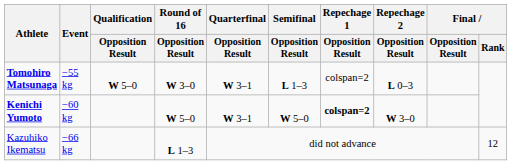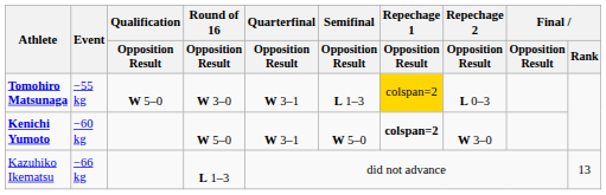 <table class="wikitable" style="font-size:90%;">
 <tr>
 <th rowspan="2">Athlete</th>
 <th rowspan="2">Event</th>
 <th>Qualification</th>
 <th>Round of 16</th>
 <th>Quarterfinal</th>
 <th>Semifinal</th>
 <th>Repechage 1</th>
 <th>Repechage 2</th>
 <th colspan=2>Final / </th>
 </tr>
 <tr style="font-size: 95%">
 <th>Opposition<br>Result</th>
 <th>Opposition<br>Result</th>
 <th>Opposition<br>Result</th>
 <th>Opposition<br>Result</th>
 <th>Opposition<br>Result</th>
 <th>Opposition<br>Result</th>
 <th>Opposition<br>Result</th>
 <th>Rank</th>
 </tr>
 <tr align=center>
 <td align=left><strong><a href='#'>Tomohiro Matsunaga</a></strong></td>
 <td align=left><a href='#'>−55 kg</a></td>
 <td><br><strong>W</strong> 5–0 <sup></sup></td>
 <td><br><strong>W</strong> 3–0 <sup></sup></td>
 <td><br><strong>W</strong> 3–1 <sup></sup></td>
 <td><br><strong>L</strong> 1–3 <sup></sup></td>
-<td>colspan=2 </td>
+<td style="background: gold;">colspan=2 </td>
 <td><br><strong>L</strong> 0–3 <sup></sup></td>
 <td></td>
 </tr>
 <tr align=center>
 <td align=left><strong><a href='#'>Kenichi Yumoto</a></strong></td>
 <td align=left><a href='#'>−60 kg</a></td>
 <td></td>
 <td><br><strong>W</strong> 5–0 <sup></sup></td>
 <td><br><strong>W</strong> 3–1 <sup></sup></td>
 <td><br><strong>W</strong> 5–0 <sup></sup></td>
 <td><strong>colspan=2 </strong></td>
 <td><br><strong>W</strong> 3–0 <sup></sup></td>
 <td></td>
 </tr>
 <tr align=center>
 <td align=left><a href='#'>Kazuhiko Ikematsu</a></td>
 <td align=left><a href='#'>−66 kg</a></td>
 <td></td>
 <td><br><strong>L</strong> 1–3 <sup></sup></td>
 <td colspan=5>did not advance</td>
-<td>12</td>
+<td>13</td>
 </tr>
 </table>
